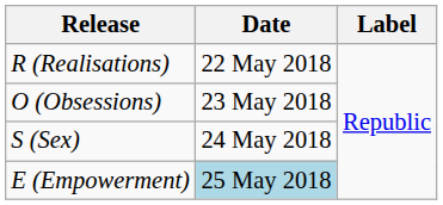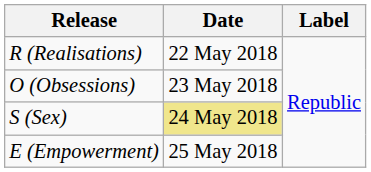 <table class="wikitable">
 <tr>
 <th>Release</th>
 <th>Date</th>
 <th>Label</th>
 </tr>
 <tr>
 <td><em>R (Realisations)</em></td>
 <td>22 May 2018</td>
 <td rowspan="4"><a href='#'>Republic</a></td>
 </tr>
 <tr>
 <td><em>O (Obsessions)</em></td>
 <td>23 May 2018</td>
 </tr>
 <tr>
 <td><em>S (Sex)</em></td>
-<td>24 May 2018</td>
+<td style="background: khaki;">24 May 2018</td>
 </tr>
 <tr>
 <td><em>E (Empowerment)</em></td>
-<td style="background: lightblue;">25 May 2018</td>
+<td>25 May 2018</td>
 </tr>
 </table>
